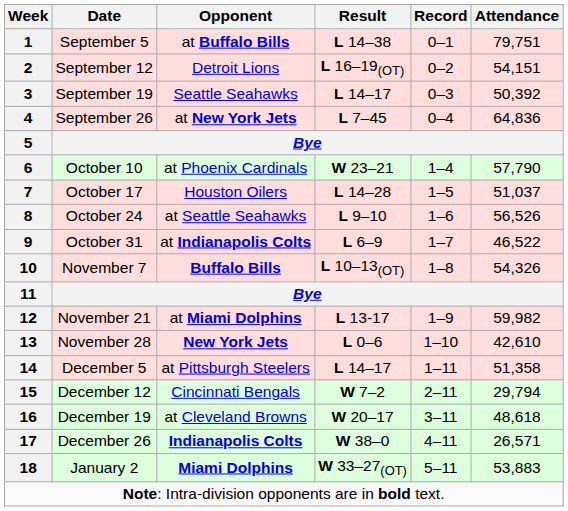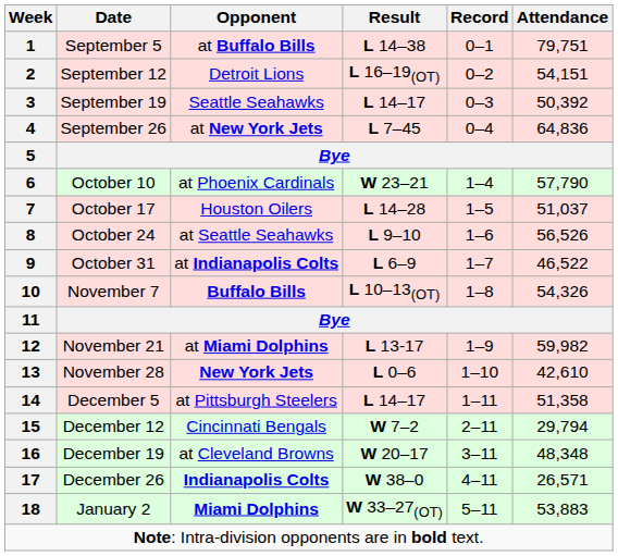 <table class="wikitable"  style="text-align: center;">
 <tr>
 <th>Week</th>
 <th>Date</th>
 <th>Opponent</th>
 <th>Result</th>
 <th>Record</th>
 <th>Attendance</th>
 </tr>
 <tr style="background: #ffdddd;">
 <th>1</th>
 <td>September 5</td>
 <td>at <strong><a href='#'>Buffalo Bills</a></strong></td>
 <td><strong>L</strong> 14–38</td>
 <td>0–1</td>
 <td>79,751</td>
 </tr>
 <tr style="background: #ffdddd;">
 <th>2</th>
 <td>September 12</td>
 <td><a href='#'>Detroit Lions</a></td>
 <td><strong>L</strong> 16–19<sub>(OT)</sub></td>
 <td>0–2</td>
 <td>54,151</td>
 </tr>
 <tr style="background: #ffdddd">
 <th>3</th>
 <td>September 19</td>
 <td><a href='#'>Seattle Seahawks</a></td>
 <td><strong>L</strong> 14–17</td>
 <td>0–3</td>
 <td>50,392</td>
 </tr>
 <tr style="background: #ffdddd;">
 <th>4</th>
 <td>September 26</td>
 <td>at <strong><a href='#'>New York Jets</a></strong></td>
 <td><strong>L</strong> 7–45</td>
 <td>0–4</td>
 <td>64,836</td>
 </tr>
 <tr>
 <th>5</th>
 <th colspan="5"><em><a href='#'>Bye</a></em></th>
 </tr>
 <tr style="background: #ddffdd;">
 <th>6</th>
 <td>October 10</td>
 <td>at <a href='#'>Phoenix Cardinals</a></td>
 <td><strong>W</strong> 23–21</td>
 <td>1–4</td>
 <td>57,790</td>
 </tr>
 <tr style="background: #ffdddd;">
 <th>7</th>
 <td>October 17</td>
 <td><a href='#'>Houston Oilers</a></td>
 <td><strong>L</strong> 14–28</td>
 <td>1–5</td>
 <td>51,037</td>
 </tr>
 <tr style="background: #ffdddd;">
 <th>8</th>
 <td>October 24</td>
 <td>at <a href='#'>Seattle Seahawks</a></td>
 <td><strong>L</strong> 9–10</td>
 <td>1–6</td>
 <td>56,526</td>
 </tr>
 <tr style="background: #ffdddd;">
 <th>9</th>
 <td>October 31</td>
 <td>at <strong><a href='#'>Indianapolis Colts</a></strong></td>
 <td><strong>L</strong> 6–9</td>
 <td>1–7</td>
 <td>46,522</td>
 </tr>
 <tr style="background: #ffdddd;">
 <th>10</th>
 <td>November 7</td>
 <td><strong><a href='#'>Buffalo Bills</a></strong></td>
 <td><strong>L</strong> 10–13<sub>(OT)</sub></td>
 <td>1–8</td>
 <td>54,326</td>
 </tr>
 <tr>
 <th>11</th>
 <th colspan="5"><em><a href='#'>Bye</a></em></th>
 </tr>
 <tr style="background: #ffdddd;">
 <th>12</th>
 <td>November 21</td>
 <td>at <strong><a href='#'>Miami Dolphins</a></strong></td>
 <td><strong>L</strong> 13-17</td>
 <td>1–9</td>
 <td>59,982</td>
 </tr>
 <tr style="background: #ffdddd;">
 <th>13</th>
 <td>November 28</td>
 <td><strong><a href='#'>New York Jets</a></strong></td>
 <td><strong>L</strong> 0–6</td>
 <td>1–10</td>
 <td>42,610</td>
 </tr>
 <tr style="background: #ffdddd;">
 <th>14</th>
 <td>December 5</td>
 <td>at <a href='#'>Pittsburgh Steelers</a></td>
 <td><strong>L</strong> 14–17</td>
 <td>1–11</td>
 <td>51,358</td>
 </tr>
 <tr style="background: #ddffdd;">
 <th>15</th>
 <td>December 12</td>
 <td><a href='#'>Cincinnati Bengals</a></td>
 <td><strong>W</strong> 7–2</td>
 <td>2–11</td>
 <td>29,794</td>
 </tr>
 <tr style="background: #ddffdd;">
 <th>16</th>
 <td>December 19</td>
 <td>at <a href='#'>Cleveland Browns</a></td>
 <td><strong>W</strong> 20–17</td>
 <td>3–11</td>
-<td>48,618</td>
+<td>48,348</td>
 </tr>
 <tr style="background: #ddffdd;">
 <th>17</th>
 <td>December 26</td>
 <td><strong><a href='#'>Indianapolis Colts</a></strong></td>
 <td><strong>W</strong> 38–0</td>
 <td>4–11</td>
 <td>26,571</td>
 </tr>
 <tr style="background: #ddffdd;">
 <th>18</th>
 <td>January 2</td>
 <td><strong><a href='#'>Miami Dolphins</a></strong></td>
 <td><strong>W</strong> 33–27<sub>(OT)</sub></td>
 <td>5–11</td>
 <td>53,883</td>
 </tr>
 <tr>
 <td colspan="6"><strong>Note</strong>: Intra-division opponents are in <strong>bold</strong> text.</td>
 </tr>
 </table>
